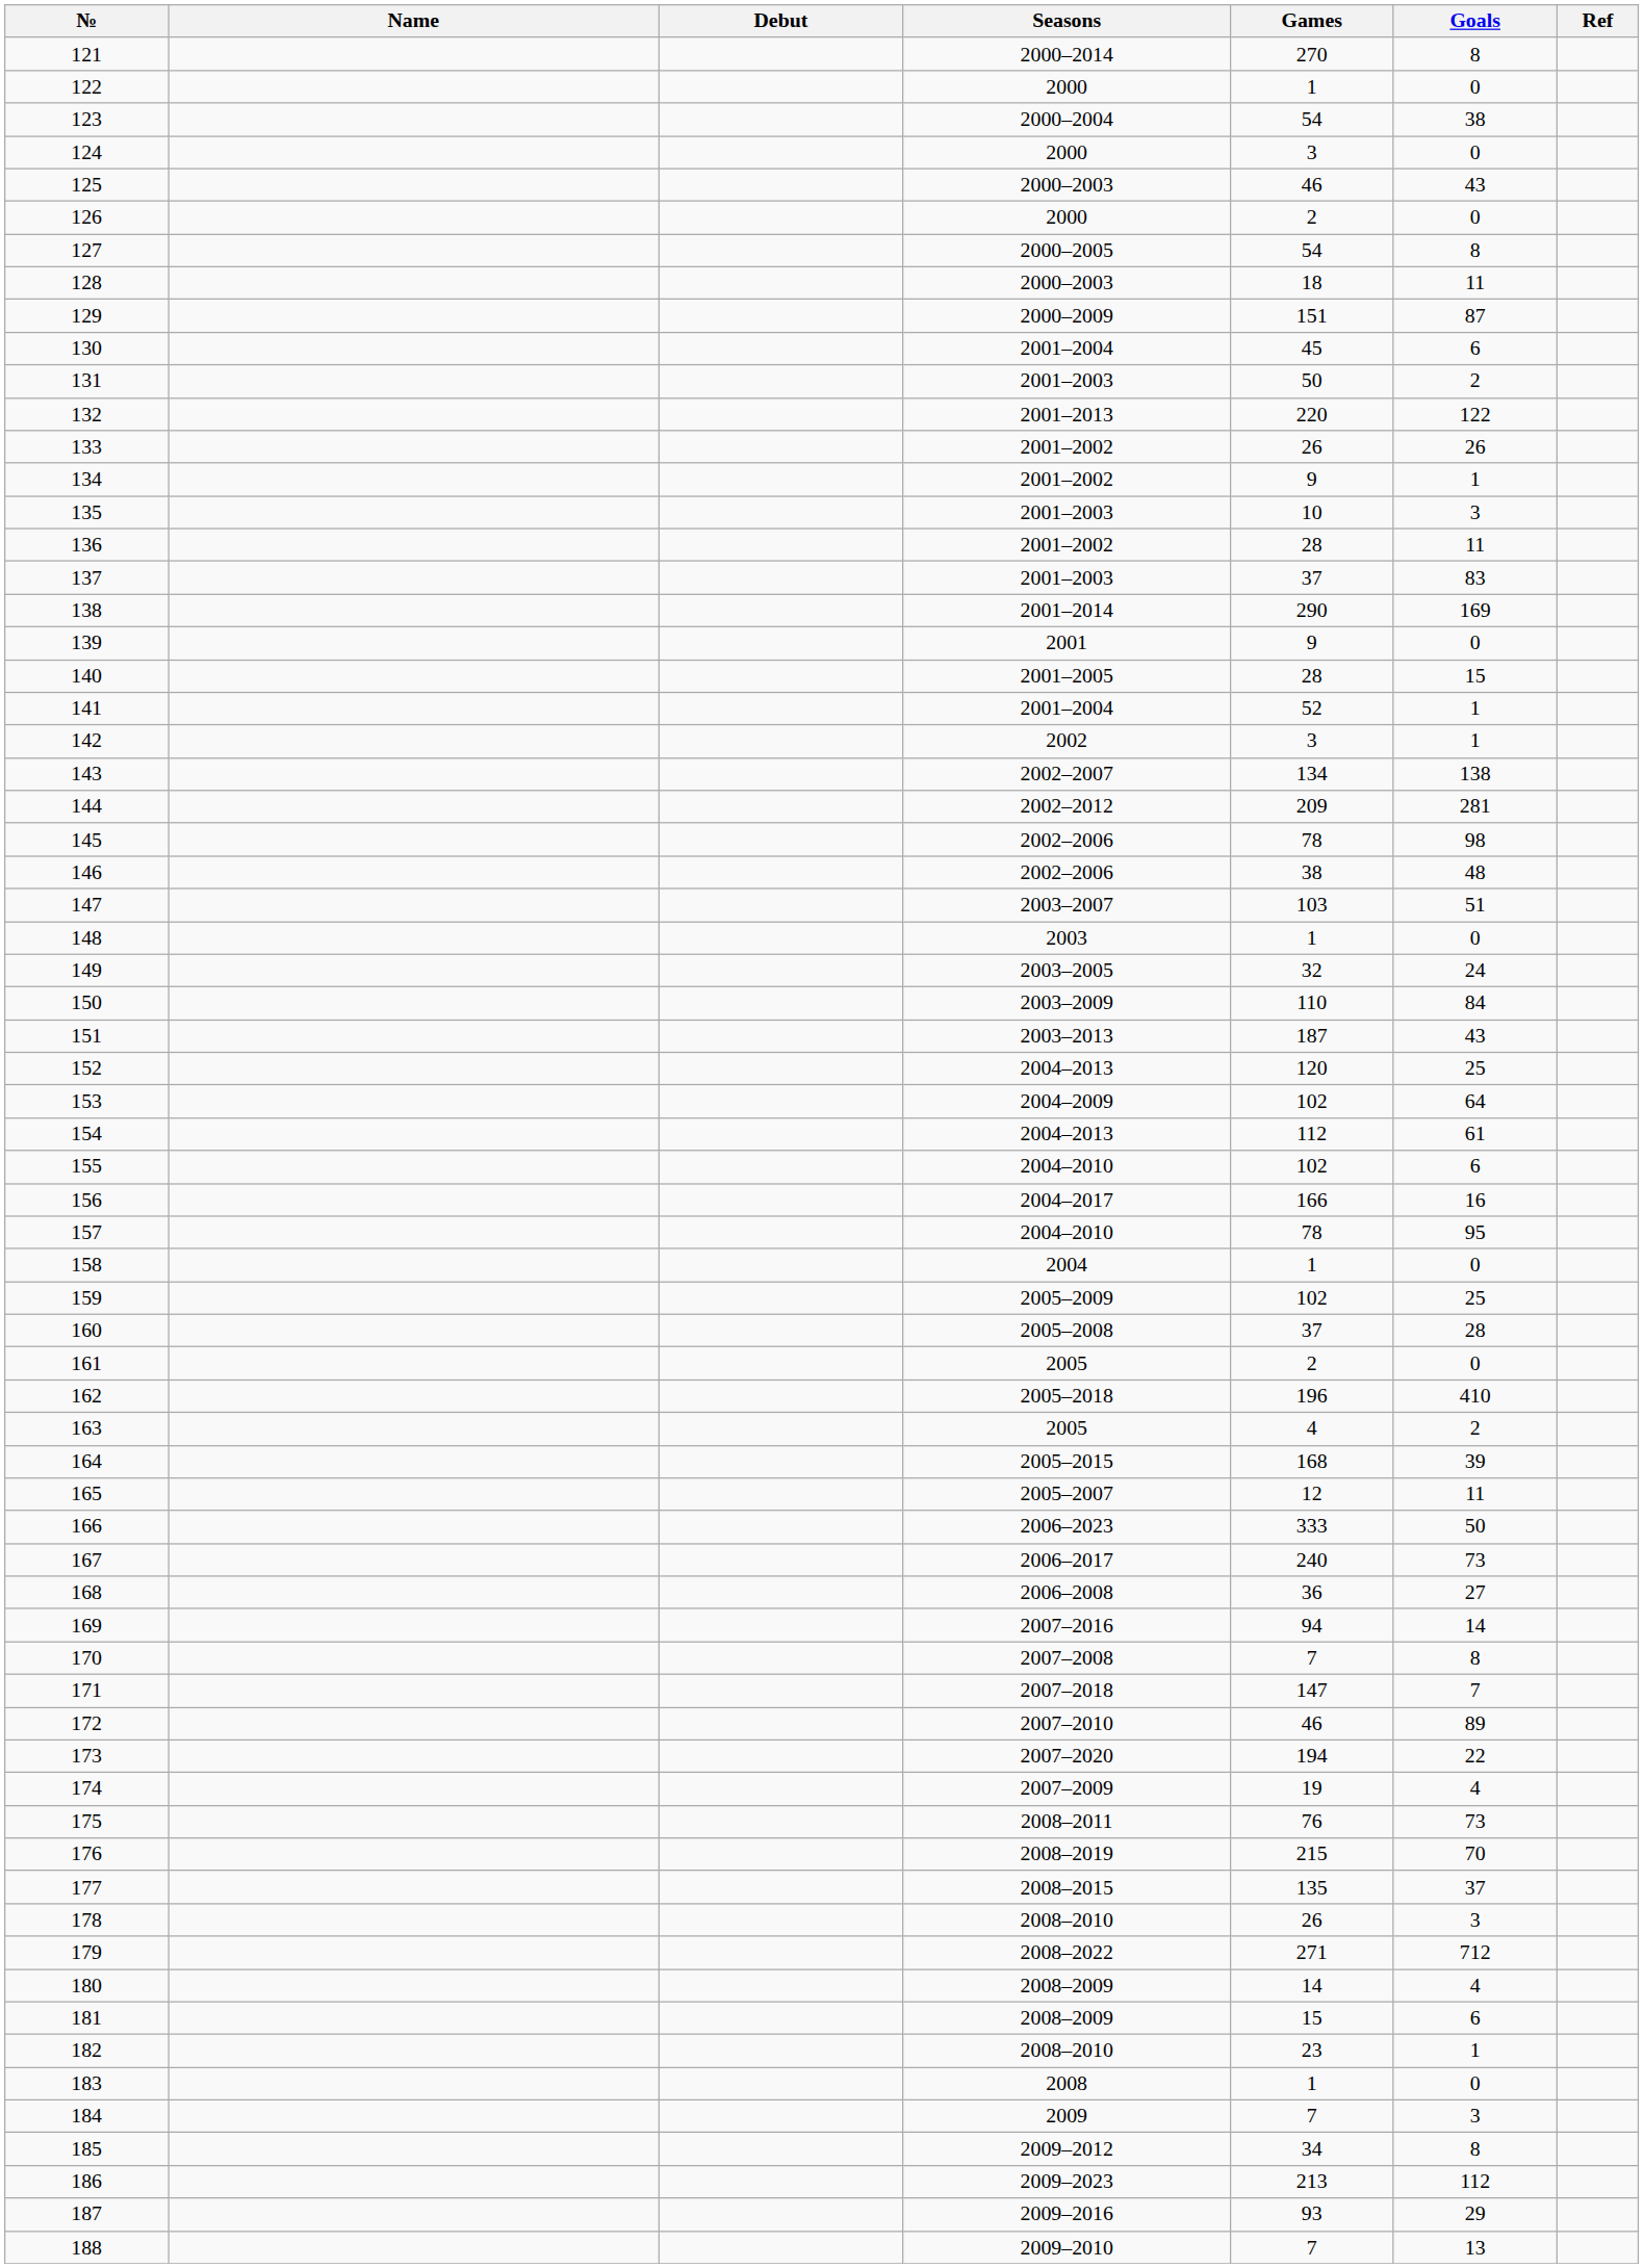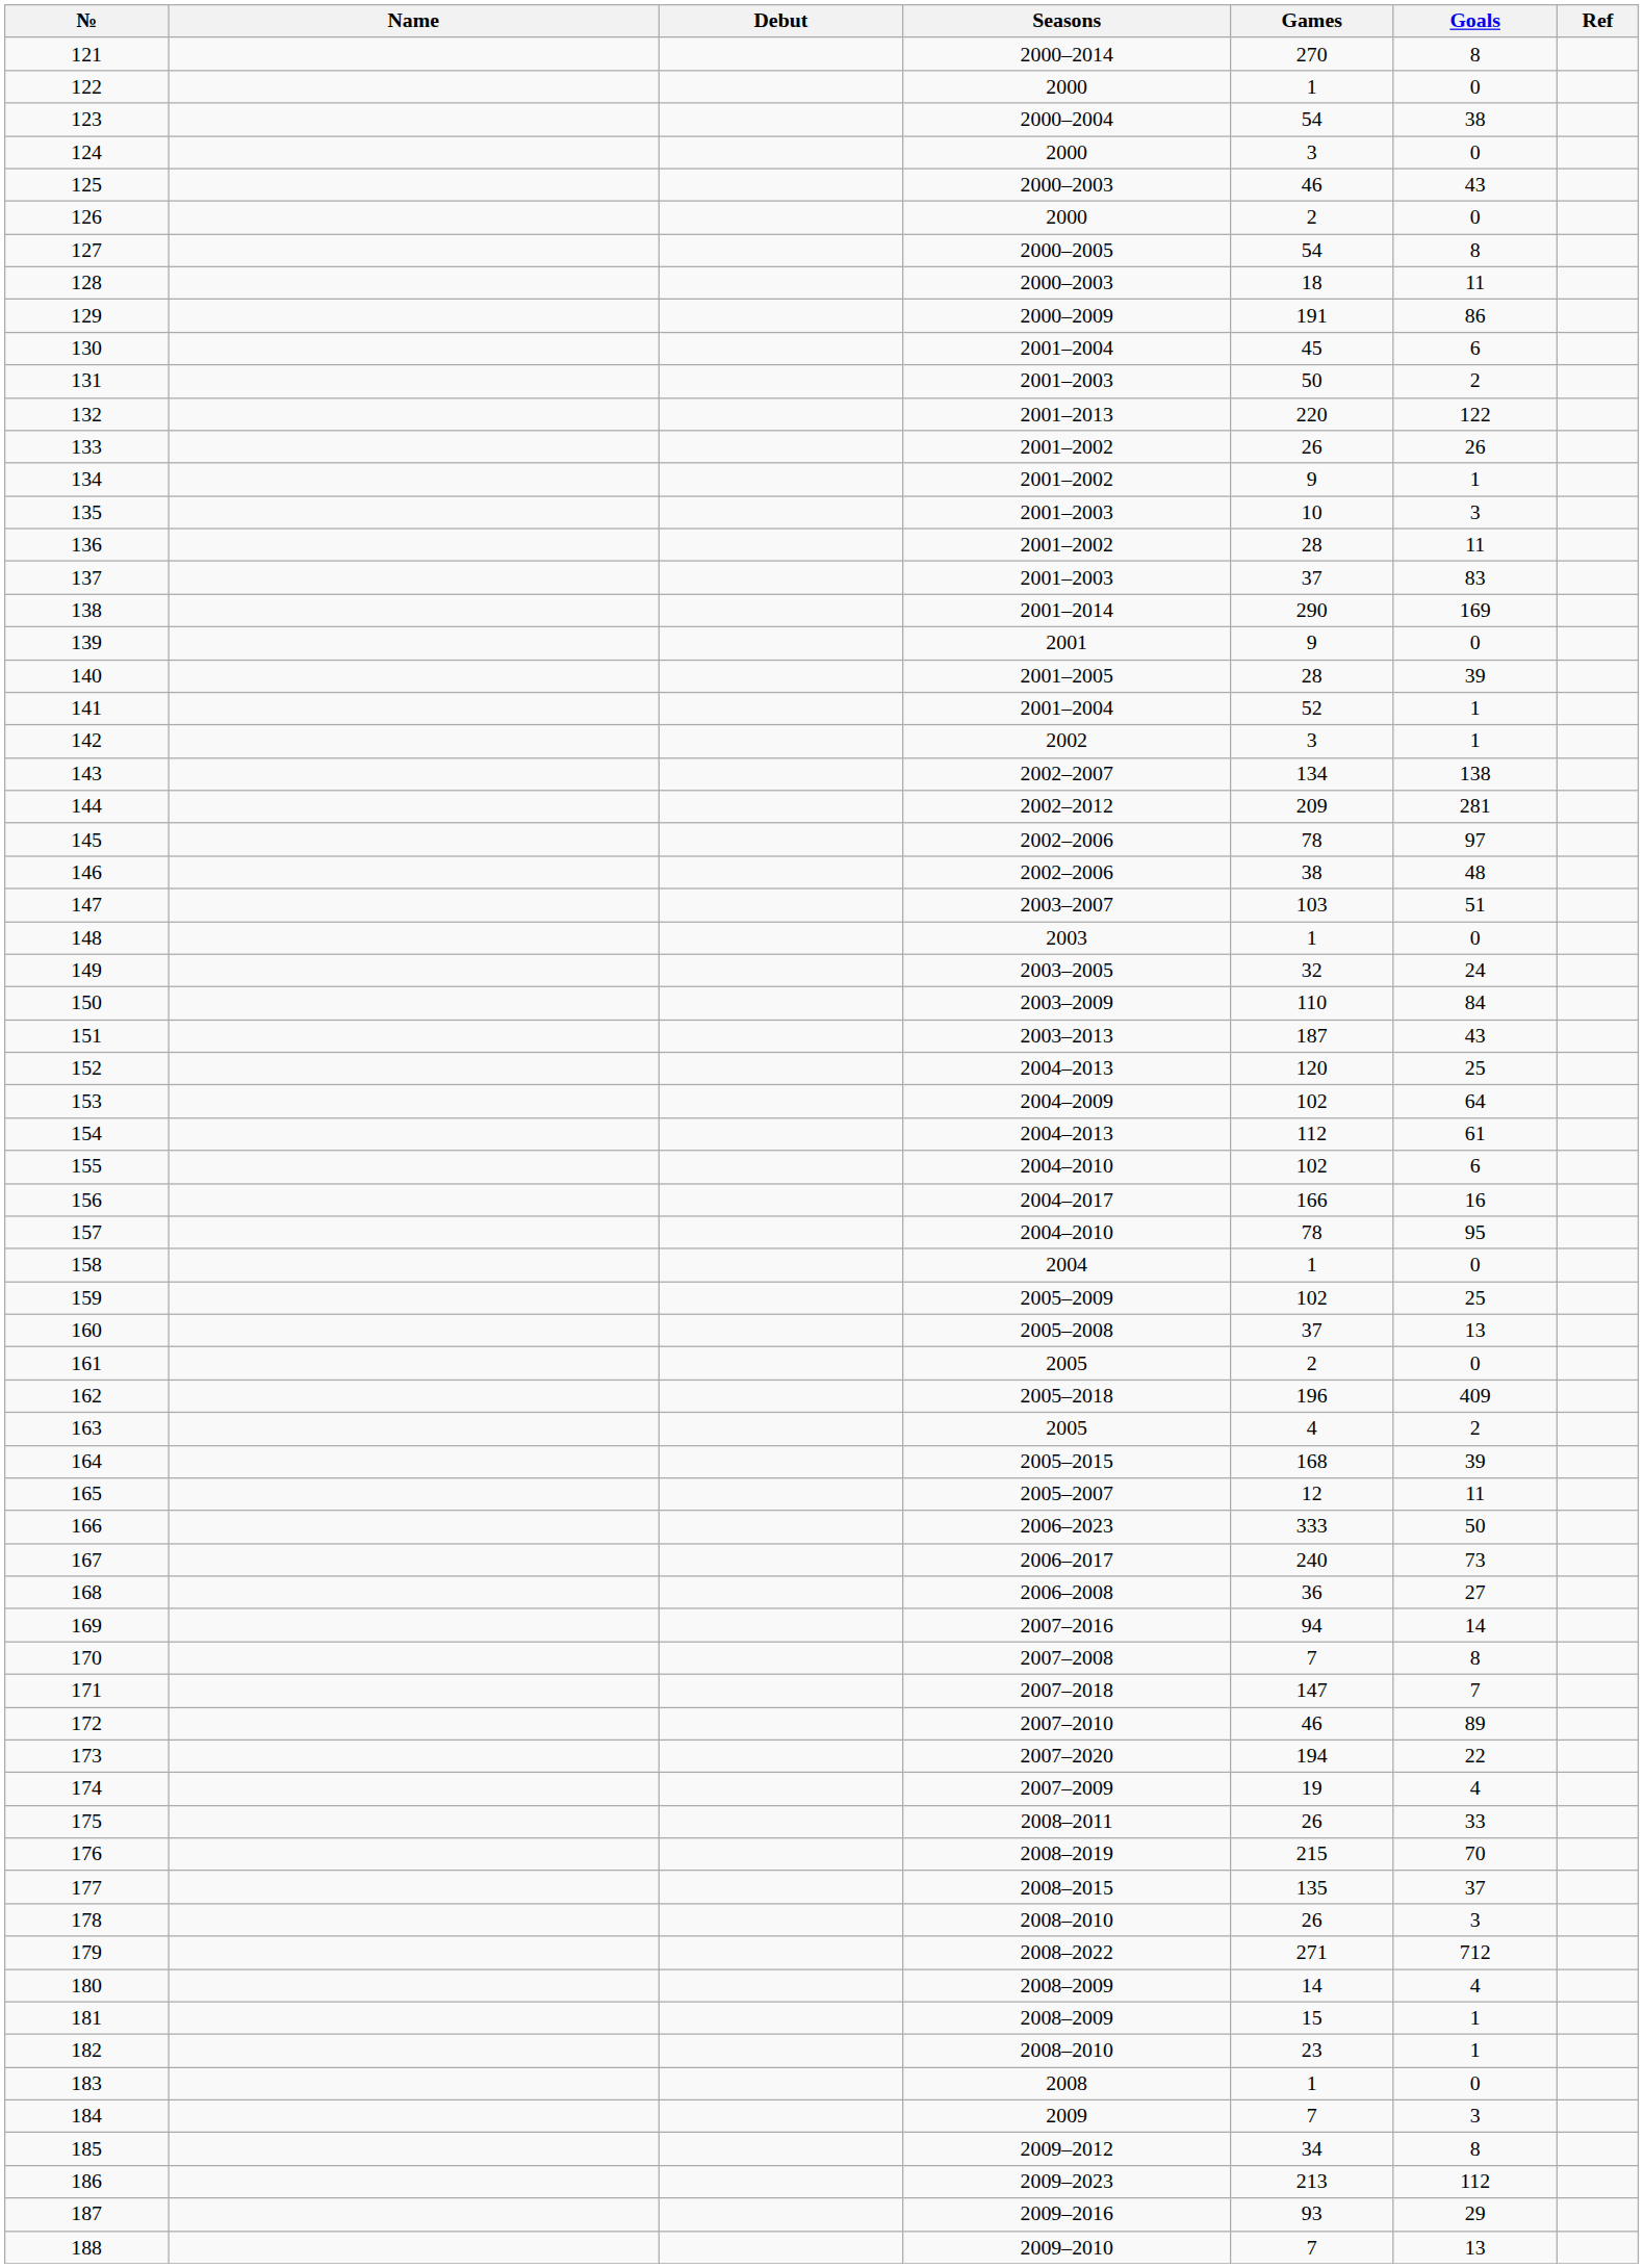 <table class="wikitable sortable" style="text-align:center; width:80%;">
 <tr>
 <th style="width=10%">№</th>
 <th style="width:30%">Name</th>
 <th style="width:15%">Debut</th>
 <th style="width:20%">Seasons</th>
 <th style="width:10%">Games</th>
 <th style="width:10%"><a href='#'>Goals</a></th>
 <th class="unsortable" style="width:5%">Ref</th>
 </tr>
 <tr>
 <td>121</td>
 <td align=left></td>
 <td></td>
 <td>2000–2014</td>
 <td>270</td>
 <td>8</td>
 <td></td>
 </tr>
 <tr>
 <td>122</td>
 <td align=left></td>
 <td></td>
 <td>2000</td>
 <td>1</td>
 <td>0</td>
 <td></td>
 </tr>
 <tr>
 <td>123</td>
 <td align=left></td>
 <td></td>
 <td>2000–2004</td>
 <td>54</td>
 <td>38</td>
 <td></td>
 </tr>
 <tr>
 <td>124</td>
 <td align=left></td>
 <td></td>
 <td>2000</td>
 <td>3</td>
 <td>0</td>
 <td></td>
 </tr>
 <tr>
 <td>125</td>
 <td align=left></td>
 <td></td>
 <td>2000–2003</td>
 <td>46</td>
 <td>43</td>
 <td></td>
 </tr>
 <tr>
 <td>126</td>
 <td align=left></td>
 <td></td>
 <td>2000</td>
 <td>2</td>
 <td>0</td>
 <td></td>
 </tr>
 <tr>
 <td>127</td>
 <td align=left></td>
 <td></td>
 <td>2000–2005</td>
 <td>54</td>
 <td>8</td>
 <td></td>
 </tr>
 <tr>
 <td>128</td>
 <td align=left></td>
 <td></td>
 <td>2000–2003</td>
 <td>18</td>
 <td>11</td>
 <td></td>
 </tr>
 <tr>
 <td>129</td>
 <td align=left></td>
 <td></td>
 <td>2000–2009</td>
-<td>151</td>
-<td>87</td>
+<td>191</td>
+<td>86</td>
 <td></td>
 </tr>
 <tr>
 <td>130</td>
 <td align=left></td>
 <td></td>
 <td>2001–2004</td>
 <td>45</td>
 <td>6</td>
 <td></td>
 </tr>
 <tr>
 <td>131</td>
 <td align=left></td>
 <td></td>
 <td>2001–2003</td>
 <td>50</td>
 <td>2</td>
 <td></td>
 </tr>
 <tr>
 <td>132</td>
 <td align=left></td>
 <td></td>
 <td>2001–2013</td>
 <td>220</td>
 <td>122</td>
 <td></td>
 </tr>
 <tr>
 <td>133</td>
 <td align=left></td>
 <td></td>
 <td>2001–2002</td>
 <td>26</td>
 <td>26</td>
 <td></td>
 </tr>
 <tr>
 <td>134</td>
 <td align=left></td>
 <td></td>
 <td>2001–2002</td>
 <td>9</td>
 <td>1</td>
 <td></td>
 </tr>
 <tr>
 <td>135</td>
 <td align=left></td>
 <td></td>
 <td>2001–2003</td>
 <td>10</td>
 <td>3</td>
 <td></td>
 </tr>
 <tr>
 <td>136</td>
 <td align=left></td>
 <td></td>
 <td>2001–2002</td>
 <td>28</td>
 <td>11</td>
 <td></td>
 </tr>
 <tr>
 <td>137</td>
 <td align=left></td>
 <td></td>
 <td>2001–2003</td>
 <td>37</td>
 <td>83</td>
 <td></td>
 </tr>
 <tr>
 <td>138</td>
 <td align=left></td>
 <td></td>
 <td>2001–2014</td>
 <td>290</td>
 <td>169</td>
 <td></td>
 </tr>
 <tr>
 <td>139</td>
 <td align=left></td>
 <td></td>
 <td>2001</td>
 <td>9</td>
 <td>0</td>
 <td></td>
 </tr>
 <tr>
 <td>140</td>
 <td align=left></td>
 <td></td>
 <td>2001–2005</td>
 <td>28</td>
-<td>15</td>
+<td>39</td>
 <td></td>
 </tr>
 <tr>
 <td>141</td>
 <td align=left></td>
 <td></td>
 <td>2001–2004</td>
 <td>52</td>
 <td>1</td>
 <td></td>
 </tr>
 <tr>
 <td>142</td>
 <td align=left></td>
 <td></td>
 <td>2002</td>
 <td>3</td>
 <td>1</td>
 <td></td>
 </tr>
 <tr>
 <td>143</td>
 <td align=left></td>
 <td></td>
 <td>2002–2007</td>
 <td>134</td>
 <td>138</td>
 <td></td>
 </tr>
 <tr>
 <td>144</td>
 <td align=left></td>
 <td></td>
 <td>2002–2012</td>
 <td>209</td>
 <td>281</td>
 <td></td>
 </tr>
 <tr>
 <td>145</td>
 <td align=left></td>
 <td></td>
 <td>2002–2006</td>
 <td>78</td>
-<td>98</td>
+<td>97</td>
 <td></td>
 </tr>
 <tr>
 <td>146</td>
 <td align=left></td>
 <td></td>
 <td>2002–2006</td>
 <td>38</td>
 <td>48</td>
 <td></td>
 </tr>
 <tr>
 <td>147</td>
 <td align=left></td>
 <td></td>
 <td>2003–2007</td>
 <td>103</td>
 <td>51</td>
 <td></td>
 </tr>
 <tr>
 <td>148</td>
 <td align=left></td>
 <td></td>
 <td>2003</td>
 <td>1</td>
 <td>0</td>
 <td></td>
 </tr>
 <tr>
 <td>149</td>
 <td align=left></td>
 <td></td>
 <td>2003–2005</td>
 <td>32</td>
 <td>24</td>
 <td></td>
 </tr>
 <tr>
 <td>150</td>
 <td align=left></td>
 <td></td>
 <td>2003–2009</td>
 <td>110</td>
 <td>84</td>
 <td></td>
 </tr>
 <tr>
 <td>151</td>
 <td align=left></td>
 <td></td>
 <td>2003–2013</td>
 <td>187</td>
 <td>43</td>
 <td></td>
 </tr>
 <tr>
 <td>152</td>
 <td align=left></td>
 <td></td>
 <td>2004–2013</td>
 <td>120</td>
 <td>25</td>
 <td></td>
 </tr>
 <tr>
 <td>153</td>
 <td align=left></td>
 <td></td>
 <td>2004–2009</td>
 <td>102</td>
 <td>64</td>
 <td></td>
 </tr>
 <tr>
 <td>154</td>
 <td align=left></td>
 <td></td>
 <td>2004–2013</td>
 <td>112</td>
 <td>61</td>
 <td></td>
 </tr>
 <tr>
 <td>155</td>
 <td align=left></td>
 <td></td>
 <td>2004–2010</td>
 <td>102</td>
 <td>6</td>
 <td></td>
 </tr>
 <tr>
 <td>156</td>
 <td align=left></td>
 <td></td>
 <td>2004–2017</td>
 <td>166</td>
 <td>16</td>
 <td></td>
 </tr>
 <tr>
 <td>157</td>
 <td align=left></td>
 <td></td>
 <td>2004–2010</td>
 <td>78</td>
 <td>95</td>
 <td></td>
 </tr>
 <tr>
 <td>158</td>
 <td align=left></td>
 <td></td>
 <td>2004</td>
 <td>1</td>
 <td>0</td>
 <td></td>
 </tr>
 <tr>
 <td>159</td>
 <td align=left></td>
 <td></td>
 <td>2005–2009</td>
 <td>102</td>
 <td>25</td>
 <td></td>
 </tr>
 <tr>
 <td>160</td>
 <td align=left></td>
 <td></td>
 <td>2005–2008</td>
 <td>37</td>
-<td>28</td>
+<td>13</td>
 <td></td>
 </tr>
 <tr>
 <td>161</td>
 <td align=left></td>
 <td></td>
 <td>2005</td>
 <td>2</td>
 <td>0</td>
 <td></td>
 </tr>
 <tr>
 <td>162</td>
 <td align=left></td>
 <td></td>
 <td>2005–2018</td>
 <td>196</td>
-<td>410</td>
+<td>409</td>
 <td></td>
 </tr>
 <tr>
 <td>163</td>
 <td align=left></td>
 <td></td>
 <td>2005</td>
 <td>4</td>
 <td>2</td>
 <td></td>
 </tr>
 <tr>
 <td>164</td>
 <td align=left></td>
 <td></td>
 <td>2005–2015</td>
 <td>168</td>
 <td>39</td>
 <td></td>
 </tr>
 <tr>
 <td>165</td>
 <td align=left></td>
 <td></td>
 <td>2005–2007</td>
 <td>12</td>
 <td>11</td>
 <td></td>
 </tr>
 <tr>
 <td>166</td>
 <td style="text-align:left"></td>
 <td></td>
 <td>2006–2023</td>
 <td>333</td>
 <td>50</td>
 <td></td>
 </tr>
 <tr>
 <td>167</td>
 <td align=left></td>
 <td></td>
 <td>2006–2017</td>
 <td>240</td>
 <td>73</td>
 <td></td>
 </tr>
 <tr>
 <td>168</td>
 <td align=left></td>
 <td></td>
 <td>2006–2008</td>
 <td>36</td>
 <td>27</td>
 <td></td>
 </tr>
 <tr>
 <td>169</td>
 <td style="text-align:left;"></td>
 <td></td>
 <td>2007–2016</td>
 <td>94</td>
 <td>14</td>
 <td></td>
 </tr>
 <tr>
 <td>170</td>
 <td align=left></td>
 <td></td>
 <td>2007–2008</td>
 <td>7</td>
 <td>8</td>
 <td></td>
 </tr>
 <tr>
 <td>171</td>
 <td style="text-align:left"></td>
 <td></td>
 <td>2007–2018</td>
 <td>147</td>
 <td>7</td>
 <td></td>
 </tr>
 <tr>
 <td>172</td>
 <td align=left></td>
 <td></td>
 <td>2007–2010</td>
 <td>46</td>
 <td>89</td>
 <td></td>
 </tr>
 <tr>
 <td>173</td>
 <td style="text-align:left"></td>
 <td></td>
 <td>2007–2020</td>
 <td>194</td>
 <td>22</td>
 <td></td>
 </tr>
 <tr>
 <td>174</td>
 <td align=left></td>
 <td></td>
 <td>2007–2009</td>
 <td>19</td>
 <td>4</td>
 <td></td>
 </tr>
 <tr>
 <td>175</td>
 <td align=left></td>
 <td></td>
 <td>2008–2011</td>
-<td>76</td>
-<td>73</td>
+<td>26</td>
+<td>33</td>
 <td></td>
 </tr>
 <tr>
 <td>176</td>
 <td style="text-align:left"></td>
 <td></td>
 <td>2008–2019</td>
 <td>215</td>
 <td>70</td>
 <td></td>
 </tr>
 <tr align=center>
 <td>177</td>
 <td align=left></td>
 <td></td>
 <td>2008–2015</td>
 <td>135</td>
 <td>37</td>
 <td></td>
 </tr>
 <tr>
 <td>178</td>
 <td align=left></td>
 <td></td>
 <td>2008–2010</td>
 <td>26</td>
 <td>3</td>
 <td></td>
 </tr>
 <tr>
 <td>179</td>
 <td style="text-align:left"></td>
 <td></td>
 <td>2008–2022</td>
 <td>271</td>
 <td>712</td>
 <td></td>
 </tr>
 <tr>
 <td>180</td>
 <td align=left></td>
 <td></td>
 <td>2008–2009</td>
 <td>14</td>
 <td>4</td>
 <td></td>
 </tr>
 <tr>
 <td>181</td>
 <td align=left></td>
 <td></td>
 <td>2008–2009</td>
 <td>15</td>
-<td>6</td>
+<td>1</td>
 <td></td>
 </tr>
 <tr>
 <td>182</td>
 <td align=left></td>
 <td></td>
 <td>2008–2010</td>
 <td>23</td>
 <td>1</td>
 <td></td>
 </tr>
 <tr>
 <td>183</td>
 <td align=left></td>
 <td></td>
 <td>2008</td>
 <td>1</td>
 <td>0</td>
 <td></td>
 </tr>
 <tr>
 <td>184</td>
 <td align=left></td>
 <td></td>
 <td>2009</td>
 <td>7</td>
 <td>3</td>
 <td></td>
 </tr>
 <tr>
 <td>185</td>
 <td align=left></td>
 <td></td>
 <td>2009–2012</td>
 <td>34</td>
 <td>8</td>
 <td></td>
 </tr>
 <tr>
 <td>186</td>
 <td style="text-align:left"></td>
 <td></td>
 <td>2009–2023</td>
 <td>213</td>
 <td>112</td>
 <td></td>
 </tr>
 <tr>
 <td>187</td>
 <td style="text-align:left;"></td>
 <td></td>
 <td>2009–2016</td>
 <td>93</td>
 <td>29</td>
 <td></td>
 </tr>
 <tr>
 <td>188</td>
 <td align=left></td>
 <td></td>
 <td>2009–2010</td>
 <td>7</td>
 <td>13</td>
 <td></td>
 </tr>
 </table>
